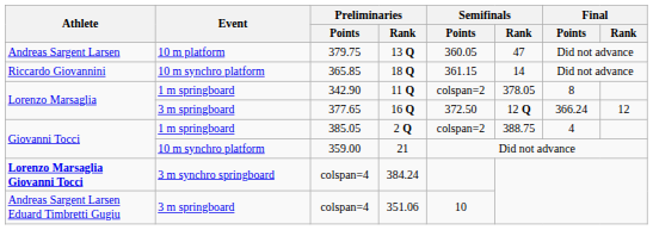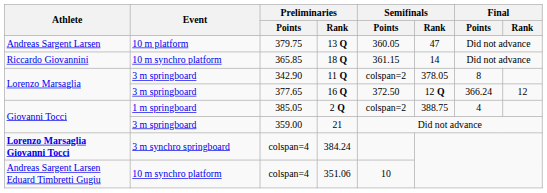 <table class="wikitable" style="text-align:center; font-size:90%; width:50%;">
 <tr>
 <th rowspan=2>Athlete</th>
 <th rowspan=2>Event</th>
 <th colspan=2>Preliminaries</th>
 <th colspan=2>Semifinals</th>
 <th colspan=2>Final</th>
 </tr>
 <tr style="font-size:95%">
 <th>Points</th>
 <th>Rank</th>
 <th>Points</th>
 <th>Rank</th>
 <th>Points</th>
 <th>Rank</th>
 </tr>
 <tr>
 <td align=left><a href='#'>Andreas Sargent Larsen</a></td>
 <td align=left><a href='#'>10 m platform</a></td>
 <td>379.75</td>
 <td>13 <strong>Q</strong></td>
 <td>360.05</td>
 <td>47</td>
 <td colspan=2>Did not advance</td>
 </tr>
 <tr>
 <td align=left><a href='#'>Riccardo Giovannini</a></td>
 <td align=left><a href='#'>10 m synchro platform</a></td>
 <td>365.85</td>
 <td>18 <strong>Q</strong></td>
 <td>361.15</td>
 <td>14</td>
 <td colspan=2>Did not advance</td>
 </tr>
 <tr>
 <td align=left rowspan=2><a href='#'>Lorenzo Marsaglia</a></td>
-<td align=left><a href='#'>1 m springboard</a></td>
+<td align=left><a href='#'>3 m springboard</a></td>
 <td>342.90</td>
 <td>11 <strong>Q</strong></td>
 <td>colspan=2 </td>
 <td>378.05</td>
 <td>8</td>
 </tr>
 <tr>
 <td align=left><a href='#'>3 m springboard</a></td>
 <td>377.65</td>
 <td>16 <strong>Q</strong></td>
 <td>372.50</td>
 <td>12 <strong>Q</strong></td>
 <td>366.24</td>
 <td>12</td>
 </tr>
 <tr>
 <td align=left rowspan=2><a href='#'>Giovanni Tocci</a></td>
 <td align=left><a href='#'>1 m springboard</a></td>
 <td>385.05</td>
 <td>2 <strong>Q</strong></td>
 <td>colspan=2 </td>
 <td>388.75</td>
 <td>4</td>
 </tr>
 <tr>
-<td align=left><a href='#'>10 m synchro platform</a></td>
+<td align=left><a href='#'>3 m springboard</a></td>
 <td>359.00</td>
 <td>21</td>
 <td colspan=4>Did not advance</td>
 </tr>
 <tr>
 <td align=left><strong><a href='#'>Lorenzo Marsaglia</a><br> <a href='#'>Giovanni Tocci</a></strong></td>
 <td align=left><a href='#'>3 m synchro springboard</a></td>
 <td>colspan=4 </td>
 <td>384.24</td>
 <td></td>
 </tr>
 <tr>
 <td align=left><a href='#'>Andreas Sargent Larsen</a><br> <a href='#'>Eduard Timbretti Gugiu</a></td>
-<td align=left><a href='#'>3 m springboard</a></td>
+<td align=left><a href='#'>10 m synchro platform</a></td>
 <td>colspan=4 </td>
 <td>351.06</td>
 <td>10</td>
 </tr>
 </table>
